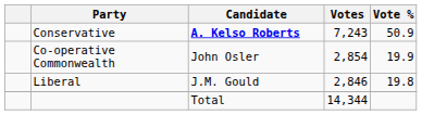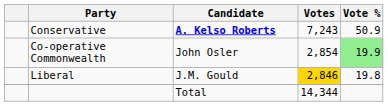 <table class="wikitable">
 <tr>
 <th></th>
 <th scope="col" style="width:175px;">Party</th>
 <th scope="col" style="width:150px;">Candidate</th>
 <th>Votes</th>
 <th>Vote %</th>
 </tr>
 <tr>
 <td>   </td>
 <td>Conservative</td>
 <td><strong><a href='#'>A. Kelso Roberts</a></strong></td>
 <td align=right>7,243</td>
 <td align=right>50.9</td>
 </tr>
 <tr>
 <td>   </td>
 <td>Co-operative Commonwealth</td>
 <td>John Osler</td>
 <td align=right>2,854</td>
-<td align=right>19.9</td>
+<td align=right style="background: lightgreen;">19.9</td>
 </tr>
 <tr>
 <td>   </td>
 <td>Liberal</td>
 <td>J.M. Gould</td>
-<td align=right>2,846</td>
+<td align=right style="background: gold;">2,846</td>
 <td align=right>19.8</td>
 </tr>
 <tr>
 </tr>
 <tr>
 <td></td>
 <td></td>
 <td>Total</td>
 <td align=right>14,344</td>
 <td></td>
 </tr>
 </table>
